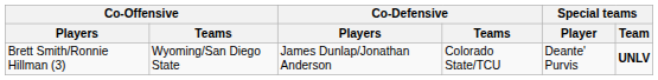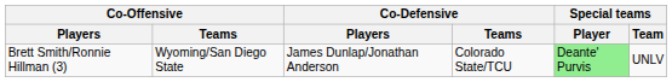 <table class="wikitable">
 <tr>
 <th colspan="2">Co-Offensive</th>
 <th colspan="2">Co-Defensive</th>
 <th colspan="2">Special teams</th>
 </tr>
 <tr>
 <th>Players</th>
 <th>Teams</th>
 <th>Players</th>
 <th>Teams</th>
 <th>Player</th>
 <th>Team</th>
 </tr>
 <tr>
 <td>Brett Smith/Ronnie Hillman (3)</td>
 <td>Wyoming/San Diego State</td>
 <td>James Dunlap/Jonathan Anderson</td>
 <td>Colorado State/TCU</td>
-<td>Deante' Purvis</td>
-<td><strong>UNLV</strong></td>
+<td style="background: lightgreen;">Deante' Purvis</td>
+<td>UNLV</td>
 </tr>
 </table>
